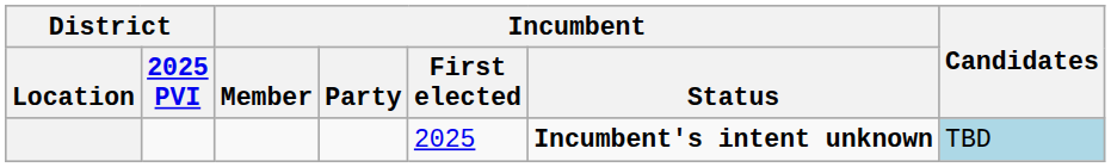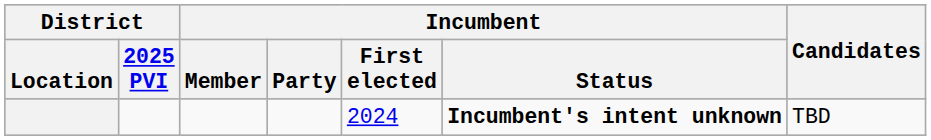 <table class="wikitable sortable">
 <tr>
 <th colspan=2>District</th>
 <th colspan=4>Incumbent</th>
 <th rowspan=2 class="unsortable">Candidates</th>
 </tr>
 <tr valign=bottom>
 <th>Location</th>
 <th><a href='#'>2025<br>PVI</a></th>
 <th>Member</th>
 <th>Party</th>
 <th>First<br>elected</th>
 <th>Status</th>
 </tr>
 <tr>
 <th></th>
 <td></td>
 <td></td>
 <td></td>
-<td><a href='#'>2025</a></td>
+<td><a href='#'>2024</a></td>
 <td><strong>Incumbent's intent unknown</strong></td>
-<td style="background: lightblue;">TBD</td>
+<td>TBD</td>
 </tr>
 </table>
